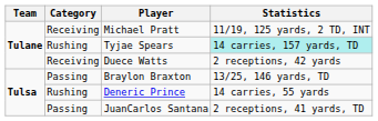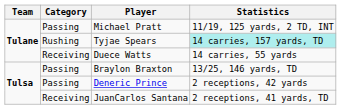 <table class="wikitable" style="float: right;">
 <tr>
 <th>Team</th>
 <th>Category</th>
 <th>Player</th>
 <th>Statistics</th>
 </tr>
 <tr>
 <td rowspan=3><strong>Tulane</strong></td>
-<td>Receiving</td>
+<td>Passing</td>
 <td>Michael Pratt</td>
 <td>11/19, 125 yards, 2 TD, INT</td>
 </tr>
 <tr>
 <td>Rushing</td>
 <td>Tyjae Spears</td>
 <td style="background: paleturquoise;">14 carries, 157 yards, TD</td>
 </tr>
 <tr>
 <td>Receiving</td>
 <td>Duece Watts</td>
-<td>2 receptions, 42 yards</td>
+<td>14 carries, 55 yards</td>
 </tr>
 <tr>
 <td rowspan=3><strong>Tulsa</strong></td>
 <td>Passing</td>
 <td>Braylon Braxton</td>
 <td>13/25, 146 yards, TD</td>
 </tr>
 <tr>
-<td>Rushing</td>
+<td>Passing</td>
 <td><a href='#'>Deneric Prince</a></td>
-<td>14 carries, 55 yards</td>
+<td>2 receptions, 42 yards</td>
 </tr>
 <tr>
-<td>Passing</td>
+<td>Receiving</td>
 <td>JuanCarlos Santana</td>
 <td>2 receptions, 41 yards, TD</td>
 </tr>
 </table>
